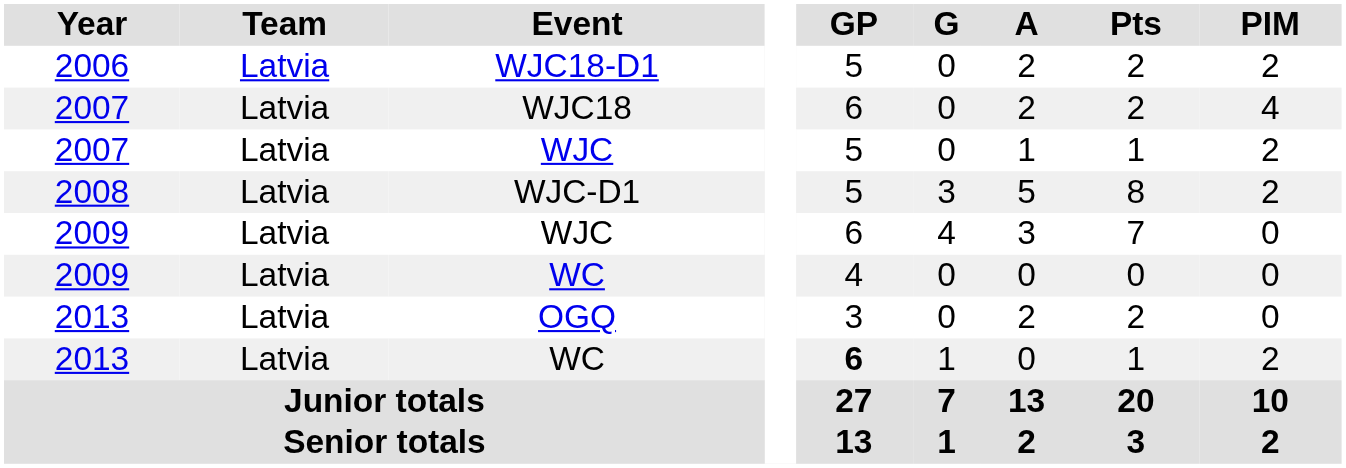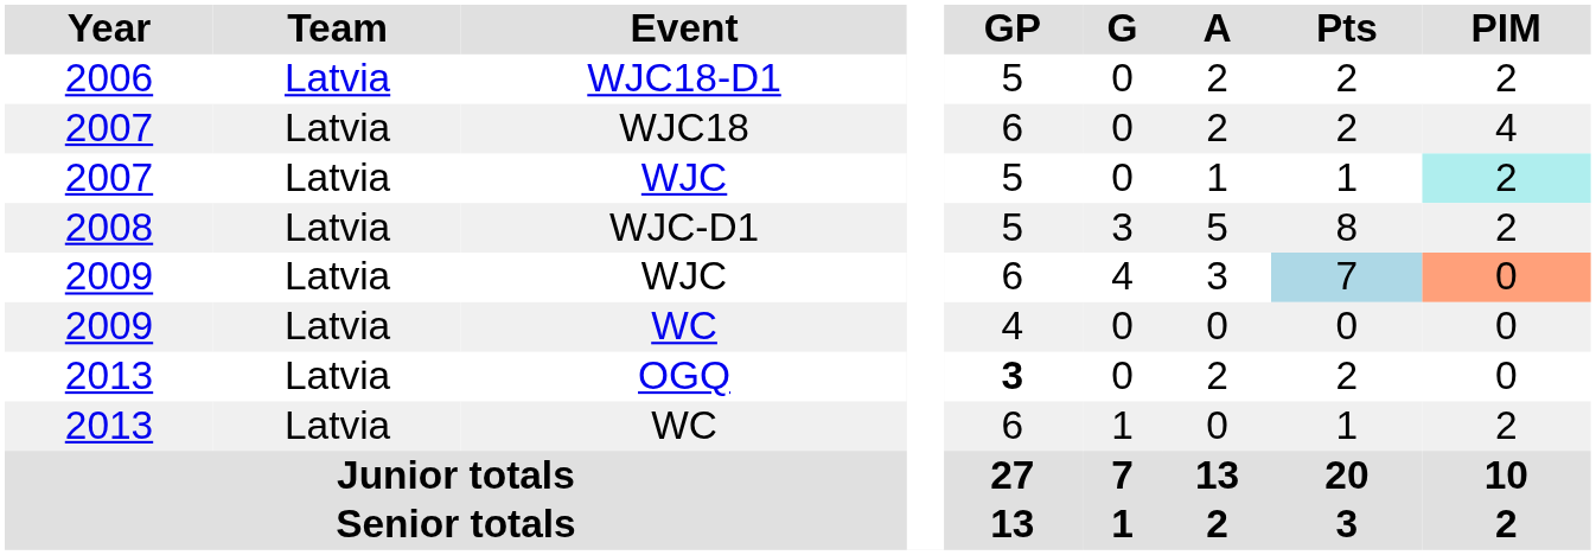 <table border="0" cellpadding="1" cellspacing="0" style="text-align:center; width:40em">
 <tr ALIGN="center" bgcolor="#e0e0e0">
 <th>Year</th>
 <th>Team</th>
 <th>Event</th>
 <th rowspan="99" bgcolor="#ffffff"> </th>
 <th>GP</th>
 <th>G</th>
 <th>A</th>
 <th>Pts</th>
 <th>PIM</th>
 </tr>
 <tr ALIGN="center">
 <td><a href='#'>2006</a></td>
 <td><a href='#'>Latvia</a></td>
 <td><a href='#'>WJC18-D1</a></td>
 <td>5</td>
 <td>0</td>
 <td>2</td>
 <td>2</td>
 <td>2</td>
 </tr>
 <tr ALIGN="center" bgcolor="#f0f0f0">
 <td><a href='#'>2007</a></td>
 <td>Latvia</td>
 <td>WJC18</td>
 <td>6</td>
 <td>0</td>
 <td>2</td>
 <td>2</td>
 <td>4</td>
 </tr>
 <tr ALIGN="center">
 <td><a href='#'>2007</a></td>
 <td>Latvia</td>
 <td><a href='#'>WJC</a></td>
 <td>5</td>
 <td>0</td>
 <td>1</td>
 <td>1</td>
-<td>2</td>
+<td style="background: paleturquoise;">2</td>
 </tr>
 <tr ALIGN="center" bgcolor="#f0f0f0">
 <td><a href='#'>2008</a></td>
 <td>Latvia</td>
 <td>WJC-D1</td>
 <td>5</td>
 <td>3</td>
 <td>5</td>
 <td>8</td>
 <td>2</td>
 </tr>
 <tr ALIGN="center">
 <td><a href='#'>2009</a></td>
 <td>Latvia</td>
 <td>WJC</td>
 <td>6</td>
 <td>4</td>
 <td>3</td>
-<td>7</td>
-<td>0</td>
+<td style="background: lightblue;">7</td>
+<td style="background: lightsalmon;">0</td>
 </tr>
 <tr ALIGN="center" bgcolor="#f0f0f0">
 <td><a href='#'>2009</a></td>
 <td>Latvia</td>
 <td><a href='#'>WC</a></td>
 <td>4</td>
 <td>0</td>
 <td>0</td>
 <td>0</td>
 <td>0</td>
 </tr>
 <tr style="text-align:center;">
 <td><a href='#'>2013</a></td>
 <td>Latvia</td>
 <td><a href='#'>OGQ</a></td>
-<td>3</td>
+<td><strong>3</strong></td>
 <td>0</td>
 <td>2</td>
 <td>2</td>
 <td>0</td>
 </tr>
 <tr ALIGN="center" bgcolor="#f0f0f0">
 <td><a href='#'>2013</a></td>
 <td>Latvia</td>
 <td>WC</td>
-<td><strong>6</strong></td>
+<td>6</td>
 <td>1</td>
 <td>0</td>
 <td>1</td>
 <td>2</td>
 </tr>
 <tr ALIGN="center" bgcolor="#e0e0e0">
 <th colspan="3">Junior totals</th>
 <th ALIGN="center">27</th>
 <th ALIGN="center">7</th>
 <th ALIGN="center">13</th>
 <th ALIGN="center">20</th>
 <th ALIGN="center">10</th>
 </tr>
 <tr ALIGN="center" bgcolor="#e0e0e0">
 <th colspan="3">Senior totals</th>
 <th ALIGN="center">13</th>
 <th ALIGN="center">1</th>
 <th ALIGN="center">2</th>
 <th ALIGN="center">3</th>
 <th ALIGN="center">2</th>
 </tr>
 </table>
